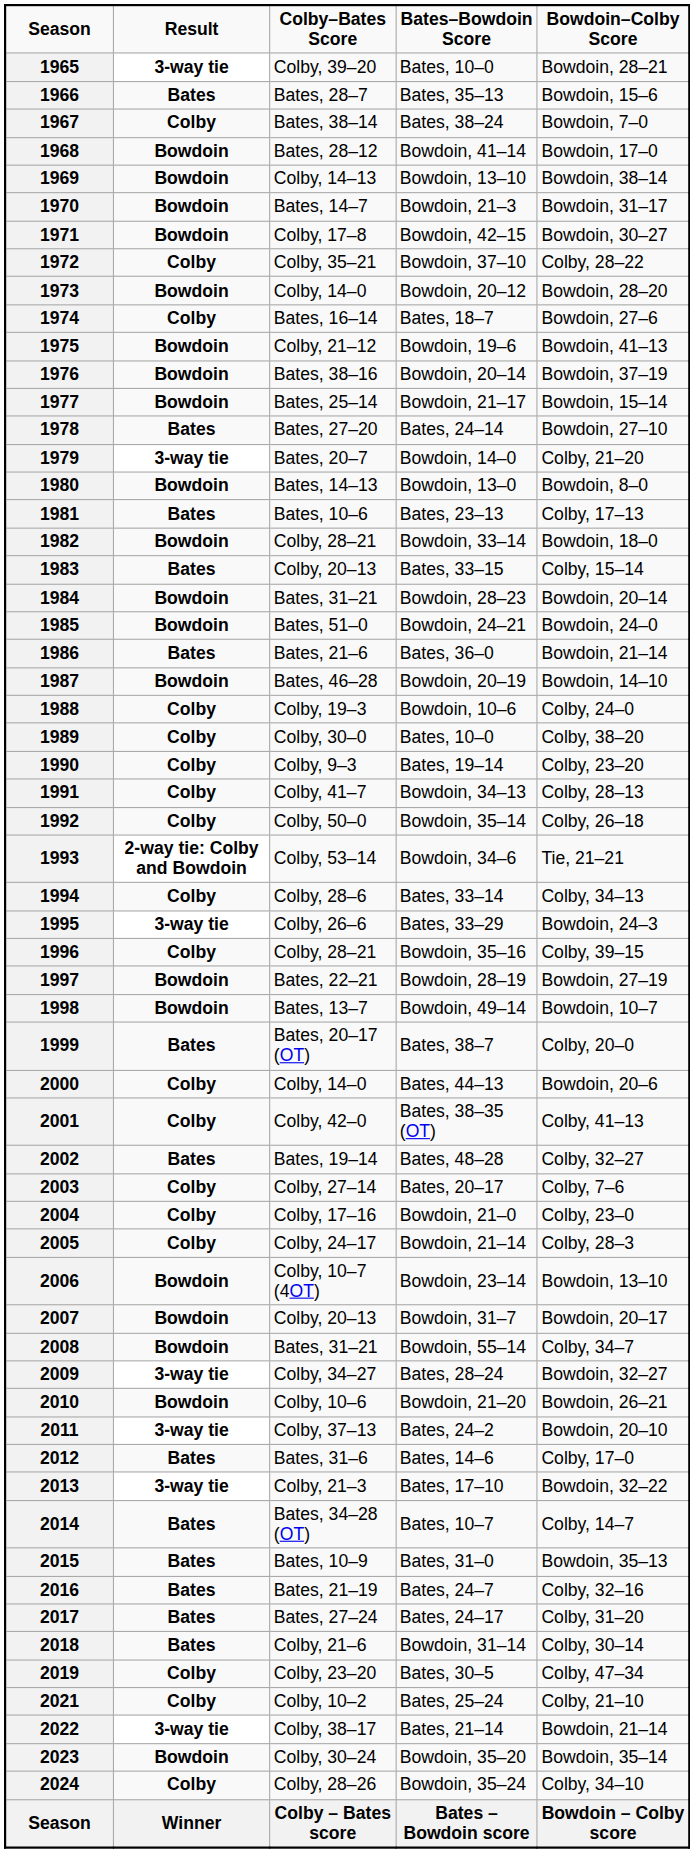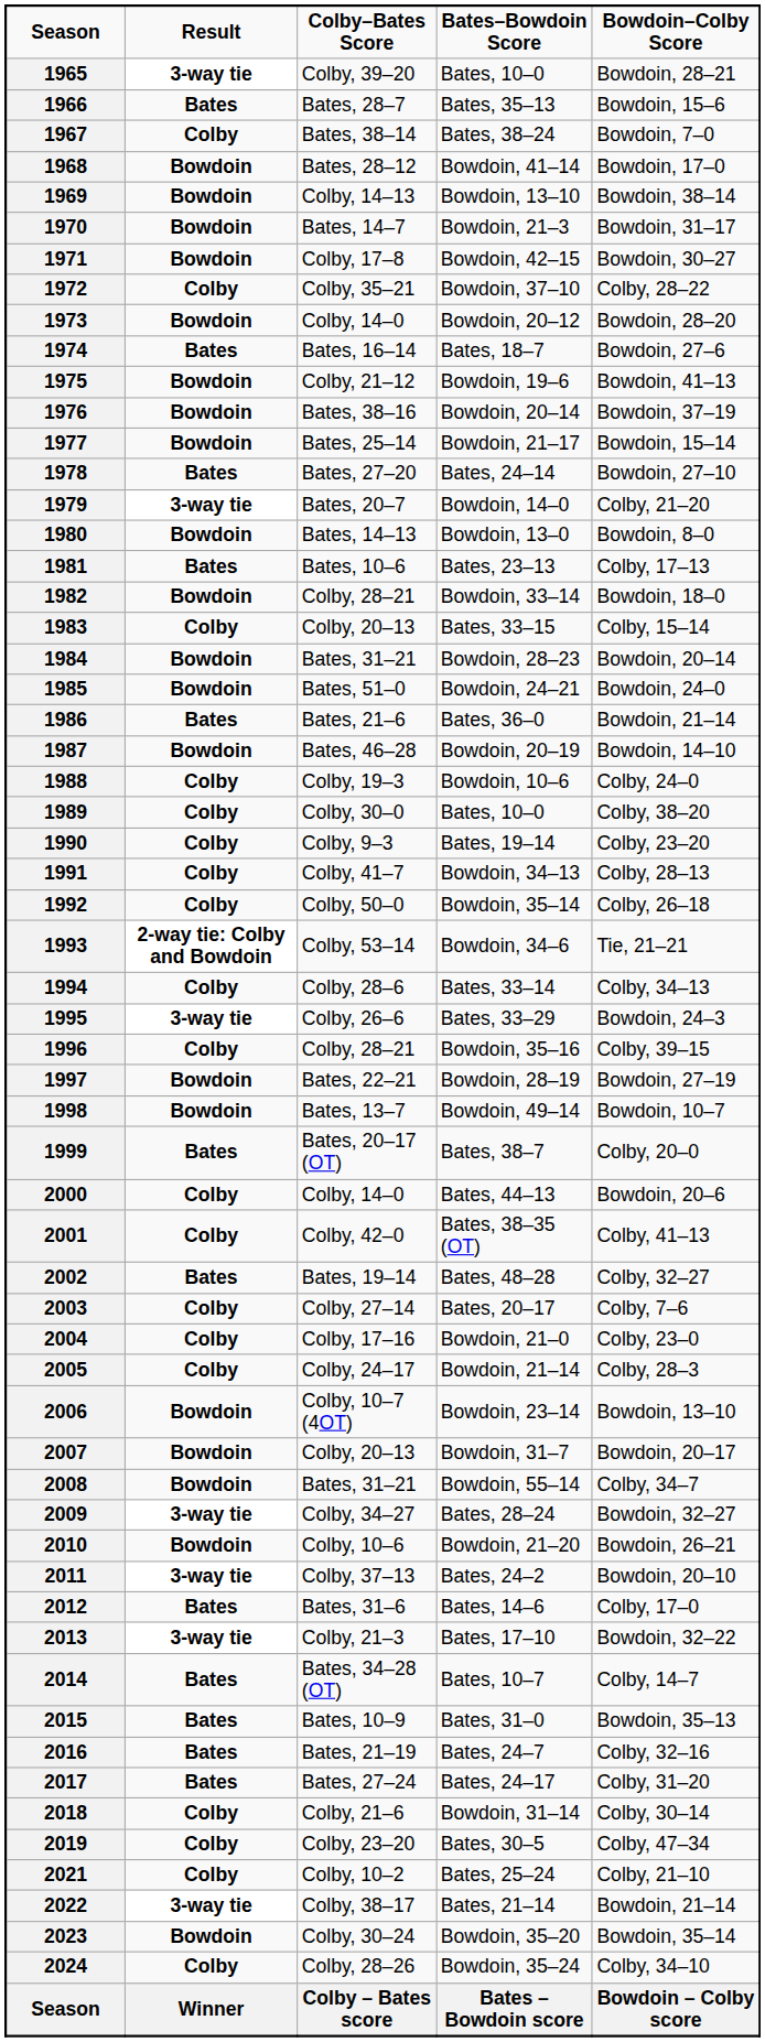 <table class="wikitable sortable" style="width:100%;  margin:0.5em 1em 0.5em 0; border:2px #000000 solid; border-collapse:collapse;">
 <tr>
 <th style="background:#F9F9F9; width:5%;"><span>Season</span></th>
 <th style="background:#F9F9F9; width:10%;"><span>Result</span></th>
 <th style="background:#F9F9F9; width:8%;"><span>Colby–Bates Score</span></th>
 <th style="background:#F9F9F9; width:8%;"><span>Bates–Bowdoin Score</span></th>
 <th style="background:#F9F9F9; width:8%;"><span>Bowdoin–Colby Score</span></th>
 </tr>
 <tr>
 <th>1965</th>
 <td align="center" style="background: #FFFFFF; color: #000000"><strong>3-way tie</strong></td>
 <td>Colby, 39–20</td>
 <td>Bates, 10–0</td>
 <td>Bowdoin, 28–21</td>
 </tr>
 <tr>
 <th>1966</th>
 <td align="center"><strong>Bates</strong></td>
 <td>Bates, 28–7</td>
 <td>Bates, 35–13</td>
 <td>Bowdoin, 15–6</td>
 </tr>
 <tr>
 <th>1967</th>
 <td align="center"><strong>Colby</strong></td>
 <td>Bates, 38–14</td>
 <td>Bates, 38–24</td>
 <td>Bowdoin, 7–0</td>
 </tr>
 <tr>
 <th>1968</th>
 <td align="center"><strong>Bowdoin</strong></td>
 <td>Bates, 28–12</td>
 <td>Bowdoin, 41–14</td>
 <td>Bowdoin, 17–0</td>
 </tr>
 <tr>
 <th>1969</th>
 <td align="center"><strong>Bowdoin</strong></td>
 <td>Colby, 14–13</td>
 <td>Bowdoin, 13–10</td>
 <td>Bowdoin, 38–14</td>
 </tr>
 <tr>
 <th>1970</th>
 <td align="center"><strong>Bowdoin</strong></td>
 <td>Bates, 14–7</td>
 <td>Bowdoin, 21–3</td>
 <td>Bowdoin, 31–17</td>
 </tr>
 <tr>
 <th>1971</th>
 <td align="center"><strong>Bowdoin</strong></td>
 <td>Colby, 17–8</td>
 <td>Bowdoin, 42–15</td>
 <td>Bowdoin, 30–27</td>
 </tr>
 <tr>
 <th>1972</th>
 <td align="center"><strong>Colby</strong></td>
 <td>Colby, 35–21</td>
 <td>Bowdoin, 37–10</td>
 <td>Colby, 28–22</td>
 </tr>
 <tr>
 <th>1973</th>
 <td align="center"><strong>Bowdoin</strong></td>
 <td>Colby, 14–0</td>
 <td>Bowdoin, 20–12</td>
 <td>Bowdoin, 28–20</td>
 </tr>
 <tr>
 <th>1974</th>
-<td align="center"><strong>Colby</strong></td>
+<td align="center"><strong>Bates</strong></td>
 <td>Bates, 16–14</td>
 <td>Bates, 18–7</td>
 <td>Bowdoin, 27–6</td>
 </tr>
 <tr>
 <th>1975</th>
 <td align="center"><strong>Bowdoin</strong></td>
 <td>Colby, 21–12</td>
 <td>Bowdoin, 19–6</td>
 <td>Bowdoin, 41–13</td>
 </tr>
 <tr>
 <th>1976</th>
 <td align="center"><strong>Bowdoin</strong></td>
 <td>Bates, 38–16</td>
 <td>Bowdoin, 20–14</td>
 <td>Bowdoin, 37–19</td>
 </tr>
 <tr>
 <th>1977</th>
 <td align="center"><strong>Bowdoin</strong></td>
 <td>Bates, 25–14</td>
 <td>Bowdoin, 21–17</td>
 <td>Bowdoin, 15–14</td>
 </tr>
 <tr>
 <th>1978</th>
 <td align="center"><strong>Bates</strong></td>
 <td>Bates, 27–20</td>
 <td>Bates, 24–14</td>
 <td>Bowdoin, 27–10</td>
 </tr>
 <tr>
 <th>1979</th>
 <td align="center" style="background: #FFFFFF; color: #000000"><strong>3-way tie</strong></td>
 <td>Bates, 20–7</td>
 <td>Bowdoin, 14–0</td>
 <td>Colby, 21–20</td>
 </tr>
 <tr>
 <th>1980</th>
 <td align="center"><strong>Bowdoin</strong></td>
 <td>Bates, 14–13</td>
 <td>Bowdoin, 13–0</td>
 <td>Bowdoin, 8–0</td>
 </tr>
 <tr>
 <th>1981</th>
 <td align="center"><strong>Bates</strong></td>
 <td>Bates, 10–6</td>
 <td>Bates, 23–13</td>
 <td>Colby, 17–13</td>
 </tr>
 <tr>
 <th>1982</th>
 <td align="center"><strong>Bowdoin</strong></td>
 <td>Colby, 28–21</td>
 <td>Bowdoin, 33–14</td>
 <td>Bowdoin, 18–0</td>
 </tr>
 <tr>
 <th>1983</th>
-<td align="center"><strong>Bates</strong></td>
+<td align="center"><strong>Colby</strong></td>
 <td>Colby, 20–13</td>
 <td>Bates, 33–15</td>
 <td>Colby, 15–14</td>
 </tr>
 <tr>
 <th>1984</th>
 <td align="center"><strong>Bowdoin</strong></td>
 <td>Bates, 31–21</td>
 <td>Bowdoin, 28–23</td>
 <td>Bowdoin, 20–14</td>
 </tr>
 <tr>
 <th>1985</th>
 <td align="center"><strong>Bowdoin</strong></td>
 <td>Bates, 51–0</td>
 <td>Bowdoin, 24–21</td>
 <td>Bowdoin, 24–0</td>
 </tr>
 <tr>
 <th>1986</th>
 <td align="center"><strong>Bates</strong></td>
 <td>Bates, 21–6</td>
 <td>Bates, 36–0</td>
 <td>Bowdoin, 21–14</td>
 </tr>
 <tr>
 <th>1987</th>
 <td align="center"><strong>Bowdoin</strong></td>
 <td>Bates, 46–28</td>
 <td>Bowdoin, 20–19</td>
 <td>Bowdoin, 14–10</td>
 </tr>
 <tr>
 <th>1988</th>
 <td align="center"><strong>Colby</strong></td>
 <td>Colby, 19–3</td>
 <td>Bowdoin, 10–6</td>
 <td>Colby, 24–0</td>
 </tr>
 <tr>
 <th>1989</th>
 <td align="center"><strong>Colby</strong></td>
 <td>Colby, 30–0</td>
 <td>Bates, 10–0</td>
 <td>Colby, 38–20</td>
 </tr>
 <tr>
 <th>1990</th>
 <td align="center"><strong>Colby</strong></td>
 <td>Colby, 9–3</td>
 <td>Bates, 19–14</td>
 <td>Colby, 23–20</td>
 </tr>
 <tr>
 <th>1991</th>
 <td align="center"><strong>Colby</strong></td>
 <td>Colby, 41–7</td>
 <td>Bowdoin, 34–13</td>
 <td>Colby, 28–13</td>
 </tr>
 <tr>
 <th>1992</th>
 <td align="center"><strong>Colby</strong></td>
 <td>Colby, 50–0</td>
 <td>Bowdoin, 35–14</td>
 <td>Colby, 26–18</td>
 </tr>
 <tr>
 <th>1993</th>
 <td align="center" style="background: #FFFFFF; color: #000000"><strong>2-way tie: Colby and Bowdoin</strong></td>
 <td>Colby, 53–14</td>
 <td>Bowdoin, 34–6</td>
 <td>Tie, 21–21</td>
 </tr>
 <tr>
 <th>1994</th>
 <td align="center"><strong>Colby</strong></td>
 <td>Colby, 28–6</td>
 <td>Bates, 33–14</td>
 <td>Colby, 34–13</td>
 </tr>
 <tr>
 <th>1995</th>
 <td align="center" style="background: #FFFFFF; color: #000000"><strong>3-way tie</strong></td>
 <td>Colby, 26–6</td>
 <td>Bates, 33–29</td>
 <td>Bowdoin, 24–3</td>
 </tr>
 <tr>
 <th>1996</th>
 <td align="center"><strong>Colby</strong></td>
 <td>Colby, 28–21</td>
 <td>Bowdoin, 35–16</td>
 <td>Colby, 39–15</td>
 </tr>
 <tr>
 <th>1997</th>
 <td align="center"><strong>Bowdoin</strong></td>
 <td>Bates, 22–21</td>
 <td>Bowdoin, 28–19</td>
 <td>Bowdoin, 27–19</td>
 </tr>
 <tr>
 <th>1998</th>
 <td align="center"><strong>Bowdoin</strong></td>
 <td>Bates, 13–7</td>
 <td>Bowdoin, 49–14</td>
 <td>Bowdoin, 10–7</td>
 </tr>
 <tr>
 <th>1999</th>
 <td align="center"><strong>Bates</strong></td>
 <td>Bates, 20–17 (<a href='#'>OT</a>)</td>
 <td>Bates, 38–7</td>
 <td>Colby, 20–0</td>
 </tr>
 <tr>
 <th>2000</th>
 <td align="center"><strong>Colby</strong></td>
 <td>Colby, 14–0</td>
 <td>Bates, 44–13</td>
 <td>Bowdoin, 20–6</td>
 </tr>
 <tr>
 <th>2001</th>
 <td align="center"><strong>Colby</strong></td>
 <td>Colby, 42–0</td>
 <td>Bates, 38–35 (<a href='#'>OT</a>)</td>
 <td>Colby, 41–13</td>
 </tr>
 <tr>
 <th>2002</th>
 <td align="center"><strong>Bates</strong></td>
 <td>Bates, 19–14</td>
 <td>Bates, 48–28</td>
 <td>Colby, 32–27</td>
 </tr>
 <tr>
 <th>2003</th>
 <td align="center"><strong>Colby</strong></td>
 <td>Colby, 27–14</td>
 <td>Bates, 20–17</td>
 <td>Colby, 7–6</td>
 </tr>
 <tr>
 <th>2004</th>
 <td align="center"><strong>Colby</strong></td>
 <td>Colby, 17–16</td>
 <td>Bowdoin, 21–0</td>
 <td>Colby, 23–0</td>
 </tr>
 <tr>
 <th>2005</th>
 <td align="center"><strong>Colby</strong></td>
 <td>Colby, 24–17</td>
 <td>Bowdoin, 21–14</td>
 <td>Colby, 28–3</td>
 </tr>
 <tr>
 <th>2006</th>
 <td align="center"><strong>Bowdoin</strong></td>
 <td>Colby, 10–7 (4<a href='#'>OT</a>)</td>
 <td>Bowdoin, 23–14</td>
 <td>Bowdoin, 13–10</td>
 </tr>
 <tr>
 <th>2007</th>
 <td align="center"><strong>Bowdoin</strong></td>
 <td>Colby, 20–13</td>
 <td>Bowdoin, 31–7</td>
 <td>Bowdoin, 20–17</td>
 </tr>
 <tr>
 <th>2008</th>
 <td align="center"><strong>Bowdoin</strong></td>
 <td>Bates, 31–21</td>
 <td>Bowdoin, 55–14</td>
 <td>Colby, 34–7</td>
 </tr>
 <tr>
 <th>2009</th>
 <td align="center" style="background: #FFFFFF; color: #000000"><strong>3-way tie</strong></td>
 <td>Colby, 34–27</td>
 <td>Bates, 28–24</td>
 <td>Bowdoin, 32–27</td>
 </tr>
 <tr>
 <th>2010</th>
 <td align="center"><strong>Bowdoin</strong></td>
 <td>Colby, 10–6</td>
 <td>Bowdoin, 21–20</td>
 <td>Bowdoin, 26–21</td>
 </tr>
 <tr>
 <th>2011</th>
 <td align="center" style="background: #FFFFFF; color: #000000"><strong>3-way tie</strong></td>
 <td>Colby, 37–13</td>
 <td>Bates, 24–2</td>
 <td>Bowdoin, 20–10</td>
 </tr>
 <tr>
 <th>2012</th>
 <td align="center"><strong>Bates</strong></td>
 <td>Bates, 31–6</td>
 <td>Bates, 14–6</td>
 <td>Colby, 17–0</td>
 </tr>
 <tr>
 <th>2013</th>
 <td align="center" style="background: #FFFFFF; color: #000000"><strong>3-way tie</strong></td>
 <td>Colby, 21–3</td>
 <td>Bates, 17–10</td>
 <td>Bowdoin, 32–22</td>
 </tr>
 <tr>
 <th>2014</th>
 <td align="center"><strong>Bates</strong></td>
 <td>Bates, 34–28 (<a href='#'>OT</a>)</td>
 <td>Bates, 10–7</td>
 <td>Colby, 14–7</td>
 </tr>
 <tr>
 <th>2015</th>
 <td align="center"><strong>Bates</strong></td>
 <td>Bates, 10–9</td>
 <td>Bates, 31–0</td>
 <td>Bowdoin, 35–13</td>
 </tr>
 <tr>
 <th>2016</th>
 <td align="center"><strong>Bates</strong></td>
 <td>Bates, 21–19</td>
 <td>Bates, 24–7</td>
 <td>Colby, 32–16</td>
 </tr>
 <tr>
 <th>2017</th>
 <td align="center"><strong>Bates</strong></td>
 <td>Bates, 27–24</td>
 <td>Bates, 24–17</td>
 <td>Colby, 31–20</td>
 </tr>
 <tr>
 <th>2018</th>
-<td align="center"><strong>Bates</strong></td>
+<td align="center"><strong>Colby</strong></td>
 <td>Colby, 21–6</td>
 <td>Bowdoin, 31–14</td>
 <td>Colby, 30–14</td>
 </tr>
 <tr>
 <th>2019</th>
 <td align="center"><strong>Colby</strong></td>
 <td>Colby, 23–20</td>
 <td>Bates, 30–5</td>
 <td>Colby, 47–34</td>
 </tr>
 <tr>
 <th>2021</th>
 <td align="center"><strong>Colby</strong></td>
 <td>Colby, 10–2</td>
 <td>Bates, 25–24</td>
 <td>Colby, 21–10</td>
 </tr>
 <tr>
 <th>2022</th>
 <td align="center" style="background: #FFFFFF; color: #000000"><strong>3-way tie</strong></td>
 <td>Colby, 38–17</td>
 <td>Bates, 21–14</td>
 <td>Bowdoin, 21–14</td>
 </tr>
 <tr>
 <th>2023</th>
 <td align="center"><strong>Bowdoin</strong></td>
 <td>Colby, 30–24</td>
 <td>Bowdoin, 35–20</td>
 <td>Bowdoin, 35–14</td>
 </tr>
 <tr>
 <th>2024</th>
 <td align="center"><strong>Colby</strong></td>
 <td>Colby, 28–26</td>
 <td>Bowdoin, 35–24</td>
 <td>Colby, 34–10</td>
 </tr>
 <tr>
 <th>Season</th>
 <th>Winner</th>
 <th>Colby – Bates score</th>
 <th>Bates – Bowdoin score</th>
 <th>Bowdoin – Colby score</th>
 </tr>
 </table>
